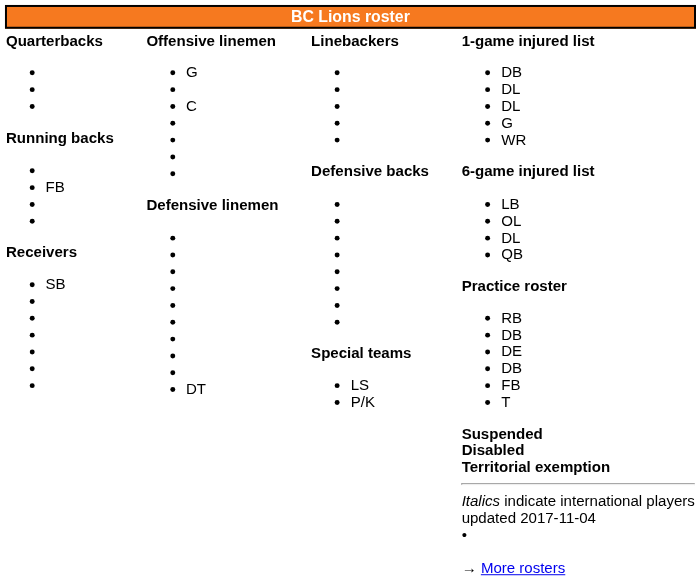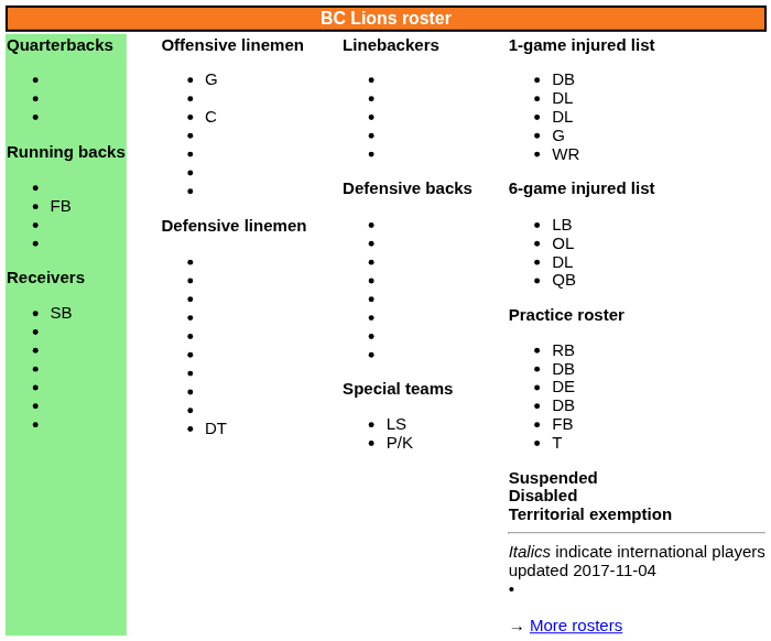 <table class="toccolours" style="text-align: left;">
 <tr>
 <th colspan="7" style="background-color: #F6791F; border:2px solid black;color:white;text-align:center;">BC Lions roster</th>
 </tr>
 <tr>
-<td style="font-size: 95%;vertical-align:top;"><strong>Quarterbacks</strong><br><ul><li></li><li></li><li></li></ul><strong>Running backs</strong><ul><li></li><li> FB</li><li></li><li></li></ul><strong>Receivers</strong><ul><li> SB</li><li></li><li></li><li></li><li></li><li></li><li></li></ul></td>
+<td style="background: lightgreen; font-size: 95%;vertical-align:top;"><strong>Quarterbacks</strong><br><ul><li></li><li></li><li></li></ul><strong>Running backs</strong><ul><li></li><li> FB</li><li></li><li></li></ul><strong>Receivers</strong><ul><li> SB</li><li></li><li></li><li></li><li></li><li></li><li></li></ul></td>
 <td style="width: 25px;"></td>
 <td style="font-size: 95%;vertical-align:top;"><strong>Offensive linemen</strong><br><ul><li> G</li><li></li><li> C</li><li></li><li></li><li></li><li></li></ul><strong>Defensive linemen</strong><ul><li></li><li></li><li></li><li></li><li></li><li></li><li></li><li></li><li></li><li> DT</li></ul></td>
 <td style="width: 25px;"></td>
 <td style="font-size: 95%;vertical-align:top;"><strong>Linebackers</strong><br><ul><li></li><li></li><li></li><li></li><li></li></ul><strong>Defensive backs</strong><ul><li></li><li></li><li></li><li></li><li></li><li></li><li></li><li></li></ul><strong>Special teams</strong><ul><li> LS</li><li> P/K</li></ul></td>
 <td style="width: 25px;"></td>
 <td style="font-size: 95%;vertical-align:top;"><strong>1-game injured list</strong><br><ul><li> DB</li><li> DL</li><li> DL</li><li> G</li><li> WR</li></ul><strong>6-game injured list</strong><ul><li> LB</li><li> OL</li><li> DL</li><li> QB</li></ul><strong>Practice roster</strong><ul><li> RB</li><li> DB</li><li> DE</li><li> DB</li><li> FB</li><li> T</li></ul><strong>Suspended</strong><br><strong>Disabled</strong><br><strong>Territorial exemption</strong><br><hr> <em>Italics</em> indicate international players<br> <span></span> updated 2017-11-04<br> <span></span> • <span></span><br> <br>→ <a href='#'>More rosters</a></td>
 </tr>
 <tr>
 </tr>
 </table>
